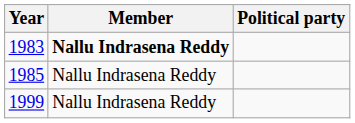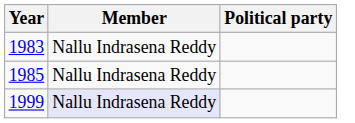 <table class="wikitable sortable">
 <tr>
 <th>Year</th>
 <th>Member</th>
 <th colspan="2">Political party</th>
 </tr>
 <tr>
 <td><a href='#'>1983</a></td>
-<td><strong>Nallu Indrasena Reddy</strong></td>
+<td>Nallu Indrasena Reddy</td>
 <td></td>
 </tr>
 <tr>
 <td><a href='#'>1985</a></td>
 <td>Nallu Indrasena Reddy</td>
 <td></td>
 </tr>
 <tr>
 <td><a href='#'>1999</a></td>
-<td>Nallu Indrasena Reddy</td>
+<td style="background: lavender;">Nallu Indrasena Reddy</td>
 <td></td>
 </tr>
 </table>
